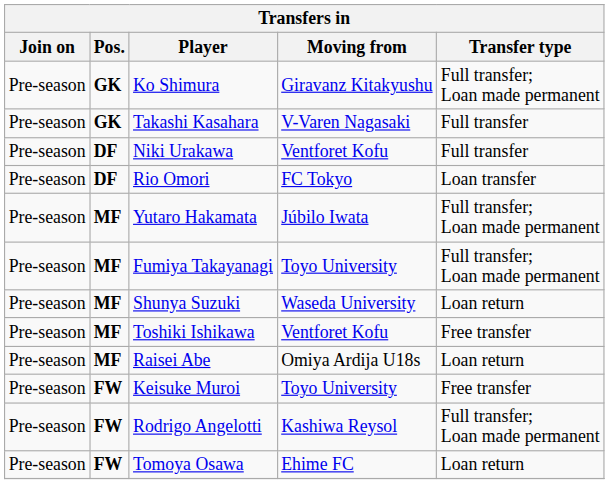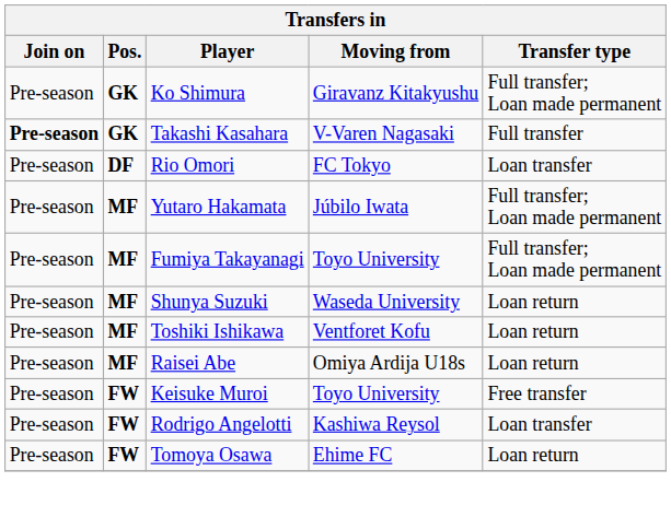 <table class="wikitable sortable" style=“text-align:left;>
 <tr>
 <th colspan="5">Transfers in</th>
 </tr>
 <tr>
 <th>Join on</th>
 <th>Pos.</th>
 <th>Player</th>
 <th>Moving from</th>
 <th>Transfer type</th>
 </tr>
 <tr>
 <td>Pre-season</td>
 <td><strong>GK</strong></td>
 <td> <a href='#'>Ko Shimura</a></td>
 <td> <a href='#'>Giravanz Kitakyushu</a></td>
 <td>Full transfer;<br>Loan made permanent</td>
 </tr>
 <tr>
-<td>Pre-season</td>
+<td><strong>Pre-season</strong></td>
 <td><strong>GK</strong></td>
 <td> <a href='#'>Takashi Kasahara</a></td>
 <td> <a href='#'>V-Varen Nagasaki</a></td>
-<td>Full transfer</td>
-</tr>
-<tr>
-<td>Pre-season</td>
-<td><strong>DF</strong></td>
-<td> <a href='#'>Niki Urakawa</a></td>
-<td> <a href='#'>Ventforet Kofu</a></td>
 <td>Full transfer</td>
 </tr>
 <tr>
 <td>Pre-season</td>
 <td><strong>DF</strong></td>
 <td> <a href='#'>Rio Omori</a></td>
 <td> <a href='#'>FC Tokyo</a></td>
 <td>Loan transfer</td>
 </tr>
 <tr>
 <td>Pre-season</td>
 <td><strong>MF</strong></td>
 <td> <a href='#'>Yutaro Hakamata</a></td>
 <td> <a href='#'>Júbilo Iwata</a></td>
 <td>Full transfer;<br> Loan made permanent</td>
 </tr>
 <tr>
 <td>Pre-season</td>
 <td><strong>MF</strong></td>
 <td> <a href='#'>Fumiya Takayanagi</a></td>
 <td> <a href='#'>Toyo University</a></td>
 <td>Full transfer;<br>Loan made permanent</td>
 </tr>
 <tr>
 <td>Pre-season</td>
 <td><strong>MF</strong></td>
 <td> <a href='#'>Shunya Suzuki</a></td>
 <td> <a href='#'>Waseda University</a></td>
 <td>Loan return</td>
 </tr>
 <tr>
 <td>Pre-season</td>
 <td><strong>MF</strong></td>
 <td> <a href='#'>Toshiki Ishikawa</a></td>
 <td> <a href='#'>Ventforet Kofu</a></td>
-<td>Free transfer</td>
+<td>Loan return</td>
 </tr>
 <tr>
 <td>Pre-season</td>
 <td><strong>MF</strong></td>
 <td> <a href='#'>Raisei Abe</a></td>
 <td>Omiya Ardija U18s</td>
 <td>Loan return</td>
 </tr>
 <tr>
 <td>Pre-season</td>
 <td><strong>FW</strong></td>
 <td> <a href='#'>Keisuke Muroi</a></td>
 <td> <a href='#'>Toyo University</a></td>
 <td>Free transfer</td>
 </tr>
 <tr>
 <td>Pre-season</td>
 <td><strong>FW</strong></td>
 <td> <a href='#'>Rodrigo Angelotti</a></td>
 <td> <a href='#'>Kashiwa Reysol</a></td>
-<td>Full transfer;<br> Loan made permanent</td>
+<td>Loan transfer</td>
 </tr>
 <tr>
 <td>Pre-season</td>
 <td><strong>FW</strong></td>
 <td> <a href='#'>Tomoya Osawa</a></td>
 <td> <a href='#'>Ehime FC</a></td>
 <td>Loan return</td>
 </tr>
 <tr>
 </tr>
 </table>
